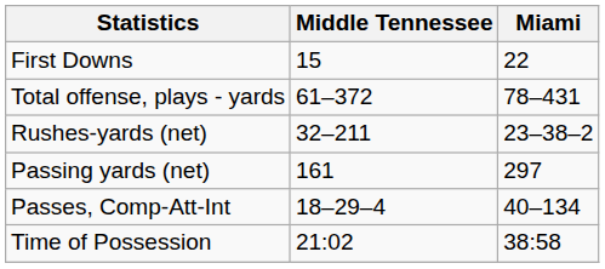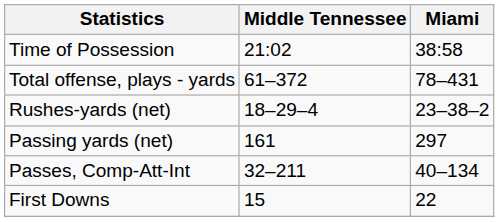 <table class="wikitable">
 <tr>
 <th>Statistics</th>
 <th><strong>Middle Tennessee</strong></th>
 <th><strong>Miami</strong></th>
 </tr>
 <tr>
-<td>First Downs</td>
-<td>15</td>
-<td>22</td>
+<td>Time of Possession</td>
+<td>21:02</td>
+<td>38:58</td>
 </tr>
 <tr>
 <td>Total offense, plays - yards</td>
 <td>61–372</td>
 <td>78–431</td>
 </tr>
 <tr>
 <td>Rushes-yards (net)</td>
-<td>32–211</td>
+<td>18–29–4</td>
 <td>23–38–2</td>
 </tr>
 <tr>
 <td>Passing yards (net)</td>
 <td>161</td>
 <td>297</td>
 </tr>
 <tr>
 <td>Passes, Comp-Att-Int</td>
-<td>18–29–4</td>
+<td>32–211</td>
 <td>40–134</td>
 </tr>
 <tr>
-<td>Time of Possession</td>
-<td>21:02</td>
-<td>38:58</td>
+<td>First Downs</td>
+<td>15</td>
+<td>22</td>
 </tr>
 <tr>
 </tr>
 </table>
